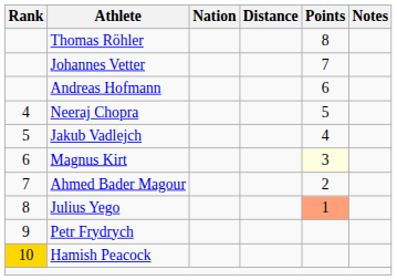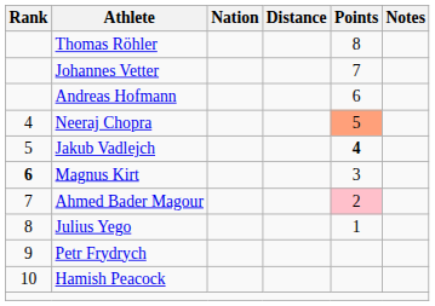 <table class="wikitable sortable" style="text-align:center;">
 <tr>
 <th scope="col" style="width: 10px;">Rank</th>
 <th scope="col">Athlete</th>
 <th scope="col">Nation</th>
 <th scope="col">Distance</th>
 <th scope="col">Points</th>
 <th scope="col">Notes</th>
 </tr>
 <tr>
 <td></td>
 <td align=left><a href='#'>Thomas Röhler</a></td>
 <td align=left></td>
 <td></td>
 <td>8</td>
 <td></td>
 </tr>
 <tr>
 <td></td>
 <td align=left><a href='#'>Johannes Vetter</a></td>
 <td align=left></td>
 <td></td>
 <td>7</td>
 <td></td>
 </tr>
 <tr>
 <td></td>
 <td align=left><a href='#'>Andreas Hofmann</a></td>
 <td align=left></td>
 <td></td>
 <td>6</td>
 <td></td>
 </tr>
 <tr>
 <td>4</td>
 <td align=left><a href='#'>Neeraj Chopra</a></td>
 <td align=left></td>
 <td></td>
-<td>5</td>
+<td style="background: lightsalmon;">5</td>
 <td><strong></strong></td>
 </tr>
 <tr>
 <td>5</td>
 <td align=left><a href='#'>Jakub Vadlejch</a></td>
 <td align=left></td>
 <td></td>
-<td>4</td>
+<td><strong>4</strong></td>
 <td></td>
 </tr>
 <tr>
-<td>6</td>
+<td><strong>6</strong></td>
 <td align=left><a href='#'>Magnus Kirt</a></td>
 <td align=left></td>
 <td></td>
-<td style="background: lightyellow;">3</td>
+<td>3</td>
 <td></td>
 </tr>
 <tr>
 <td>7</td>
 <td align=left><a href='#'>Ahmed Bader Magour</a></td>
 <td align=left></td>
 <td></td>
-<td>2</td>
+<td style="background: pink;">2</td>
 <td></td>
 </tr>
 <tr>
 <td>8</td>
 <td align=left><a href='#'>Julius Yego</a></td>
 <td align=left></td>
 <td></td>
-<td style="background: lightsalmon;">1</td>
+<td>1</td>
 <td></td>
 </tr>
 <tr>
 <td>9</td>
 <td align=left><a href='#'>Petr Frydrych</a></td>
 <td align=left></td>
 <td></td>
 <td></td>
 <td></td>
 </tr>
 <tr>
-<td style="background: gold;">10</td>
+<td>10</td>
 <td align=left><a href='#'>Hamish Peacock</a></td>
 <td align=left></td>
 <td></td>
 <td></td>
 <td></td>
 </tr>
 <tr class="sortbottom">
 <td colspan=6></td>
 </tr>
 </table>
